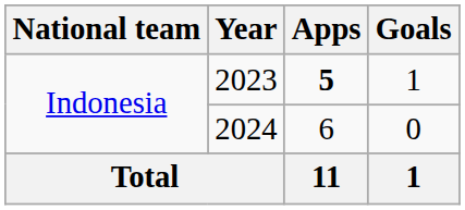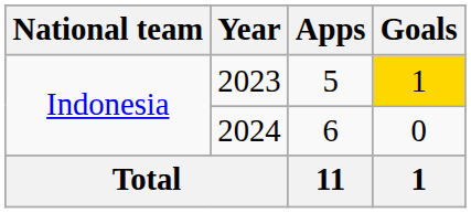 <table class="wikitable" style="text-align:center">
 <tr>
 <th>National team</th>
 <th>Year</th>
 <th>Apps</th>
 <th>Goals</th>
 </tr>
 <tr>
 <td rowspan="2"><a href='#'>Indonesia</a></td>
 <td>2023</td>
-<td><strong>5</strong></td>
-<td>1</td>
+<td>5</td>
+<td style="background: gold;">1</td>
 </tr>
 <tr>
 <td>2024</td>
 <td>6</td>
 <td>0</td>
 </tr>
 <tr>
 <th colspan="2">Total</th>
 <th>11</th>
 <th>1</th>
 </tr>
 </table>
